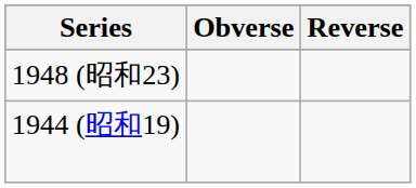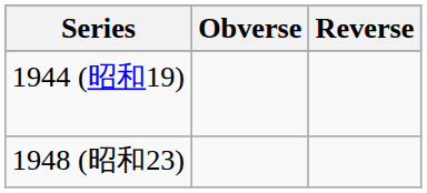 <table class="wikitable">
 <tr style="background:#2E8B57;">
 <th>Series</th>
 <th>Obverse</th>
 <th>Reverse</th>
 </tr>
 <tr>
+<td align="center">1944 (<a href='#'>昭和</a>19)<br><br></td>
+<td></td>
+<td></td>
+</tr>
+<tr>
 <td align="center">1948 (昭和23)<br></td>
 <td></td>
 <td></td>
 </tr>
-<tr>
-<td align="center">1944 (<a href='#'>昭和</a>19)<br><br></td>
-<td></td>
-<td></td>
-</tr>
 </table>
